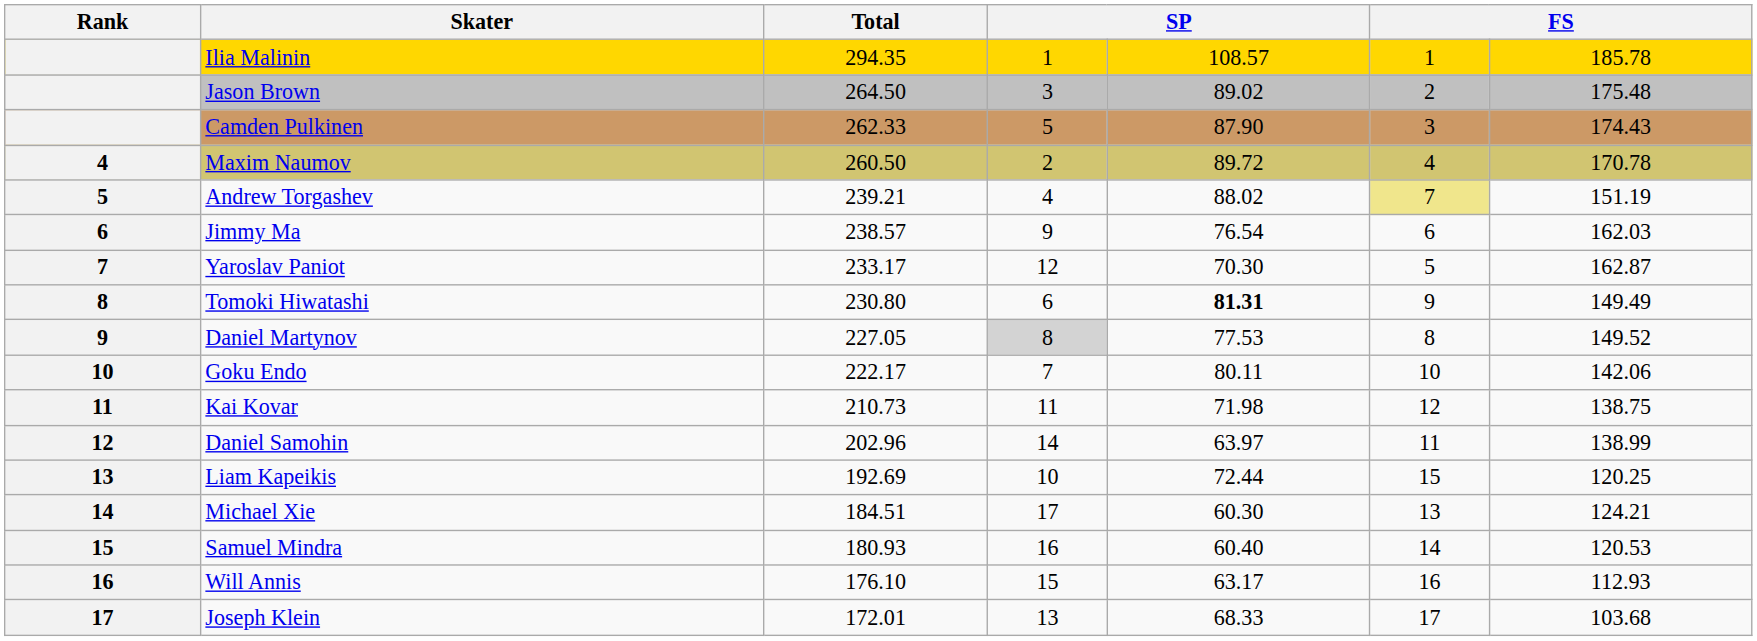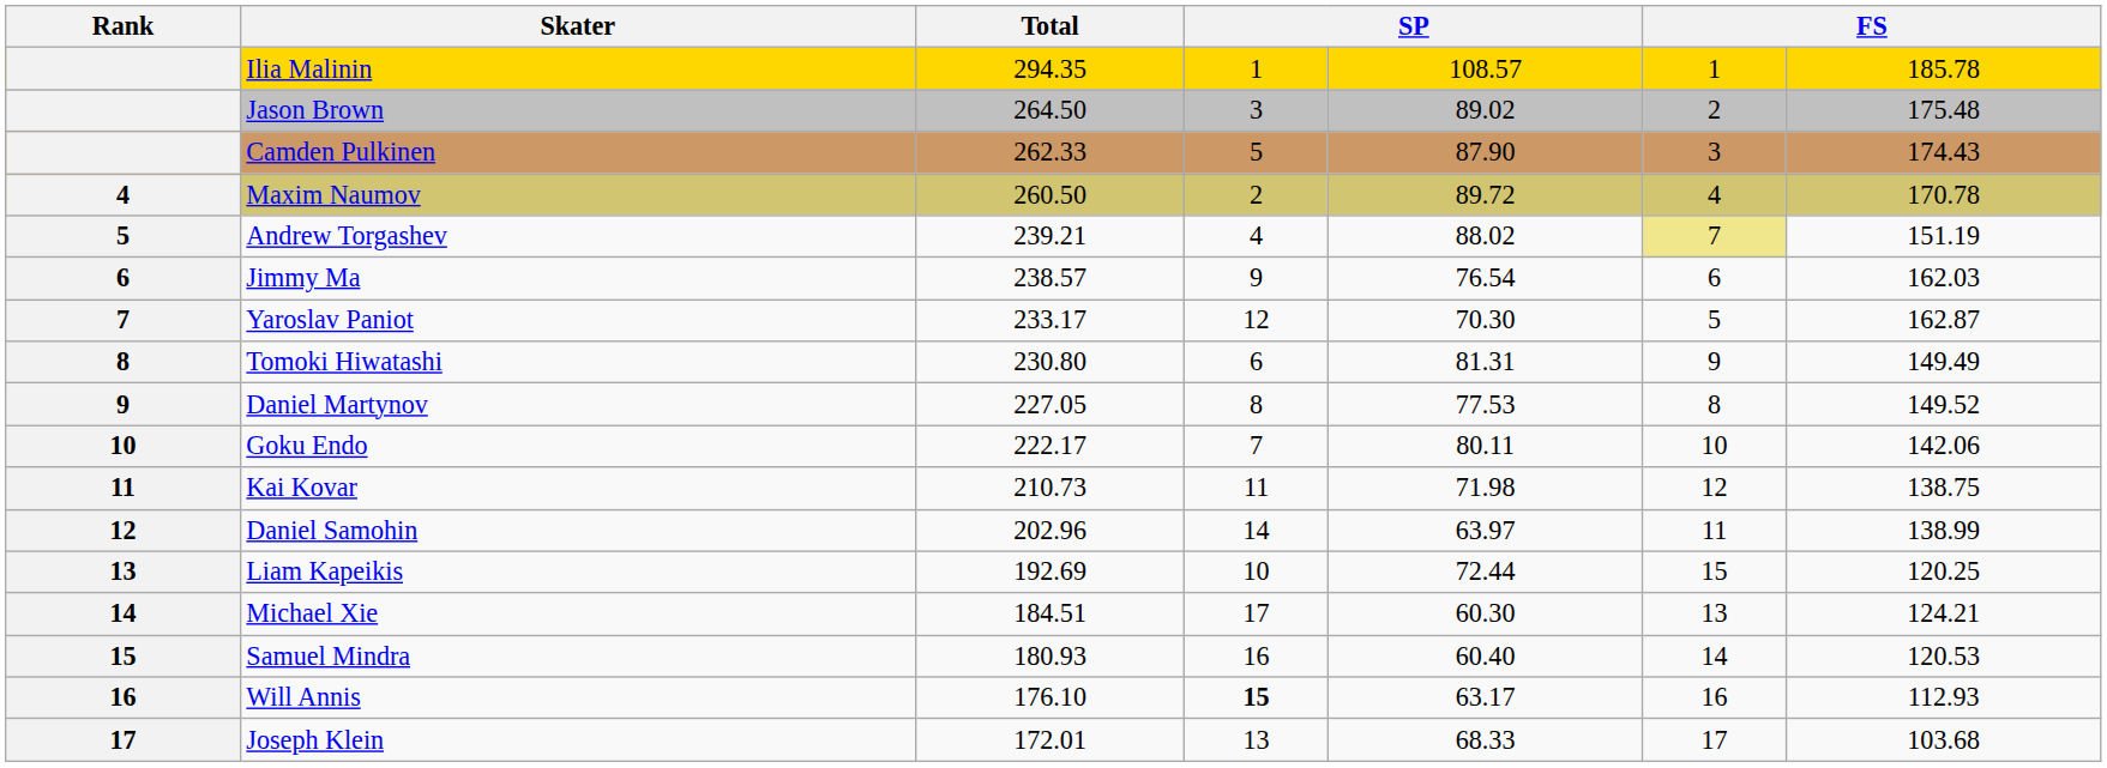 <table class="wikitable sortable" style="text-align:left; width:80%">
 <tr>
 <th scope="col">Rank</th>
 <th scope="col">Skater</th>
 <th scope="col">Total</th>
 <th scope="col" colspan="2" width="80px"><a href='#'>SP</a></th>
 <th scope="col" colspan="2" width="80px"><a href='#'>FS</a></th>
 </tr>
 <tr bgcolor="gold">
 <th scope="row"></th>
 <td><a href='#'>Ilia Malinin</a></td>
 <td align="center">294.35</td>
 <td align="center">1</td>
 <td align="center">108.57</td>
 <td align="center">1</td>
 <td align="center">185.78</td>
 </tr>
 <tr bgcolor="silver">
 <th scope="row"></th>
 <td><a href='#'> Jason Brown</a></td>
 <td align="center">264.50</td>
 <td align="center">3</td>
 <td align="center">89.02</td>
 <td align="center">2</td>
 <td align="center">175.48</td>
 </tr>
 <tr bgcolor="cc9966">
 <th scope="row"></th>
 <td><a href='#'>Camden Pulkinen</a></td>
 <td align="center">262.33</td>
 <td align="center">5</td>
 <td align="center">87.90</td>
 <td align="center">3</td>
 <td align="center">174.43</td>
 </tr>
 <tr bgcolor="#d1c571">
 <th scope="row">4</th>
 <td><a href='#'> Maxim Naumov</a></td>
 <td align="center">260.50</td>
 <td align="center">2</td>
 <td align="center">89.72</td>
 <td align="center">4</td>
 <td align="center">170.78</td>
 </tr>
 <tr>
 <th scope="row">5</th>
 <td><a href='#'>Andrew Torgashev</a></td>
 <td align="center">239.21</td>
 <td align="center">4</td>
 <td align="center">88.02</td>
 <td align="center" style="background: khaki;">7</td>
 <td align="center">151.19</td>
 </tr>
 <tr>
 <th scope="row">6</th>
 <td><a href='#'>Jimmy Ma</a></td>
 <td align="center">238.57</td>
 <td align="center">9</td>
 <td align="center">76.54</td>
 <td align="center">6</td>
 <td align="center">162.03</td>
 </tr>
 <tr>
 <th scope="row">7</th>
 <td><a href='#'>Yaroslav Paniot</a></td>
 <td align="center">233.17</td>
 <td align="center">12</td>
 <td align="center">70.30</td>
 <td align="center">5</td>
 <td align="center">162.87</td>
 </tr>
 <tr>
 <th scope="row">8</th>
 <td><a href='#'>Tomoki Hiwatashi</a></td>
 <td align="center">230.80</td>
 <td align="center">6</td>
-<td align="center"><strong>81.31</strong></td>
+<td align="center">81.31</td>
 <td align="center">9</td>
 <td align="center">149.49</td>
 </tr>
 <tr>
 <th scope="row">9</th>
 <td><a href='#'>Daniel Martynov</a></td>
 <td align="center">227.05</td>
-<td align="center" style="background: lightgrey;">8</td>
+<td align="center">8</td>
 <td align="center">77.53</td>
 <td align="center">8</td>
 <td align="center">149.52</td>
 </tr>
 <tr>
 <th scope="row">10</th>
 <td><a href='#'>Goku Endo</a></td>
 <td align="center">222.17</td>
 <td align="center">7</td>
 <td align="center">80.11</td>
 <td align="center">10</td>
 <td align="center">142.06</td>
 </tr>
 <tr>
 <th scope="row">11</th>
 <td><a href='#'>Kai Kovar</a></td>
 <td align="center">210.73</td>
 <td align="center">11</td>
 <td align="center">71.98</td>
 <td align="center">12</td>
 <td align="center">138.75</td>
 </tr>
 <tr>
 <th scope="row">12</th>
 <td><a href='#'>Daniel Samohin</a></td>
 <td align="center">202.96</td>
 <td align="center">14</td>
 <td align="center">63.97</td>
 <td align="center">11</td>
 <td align="center">138.99</td>
 </tr>
 <tr>
 <th scope="row">13</th>
 <td><a href='#'>Liam Kapeikis</a></td>
 <td align="center">192.69</td>
 <td align="center">10</td>
 <td align="center">72.44</td>
 <td align="center">15</td>
 <td align="center">120.25</td>
 </tr>
 <tr>
 <th scope="row">14</th>
 <td><a href='#'>Michael Xie</a></td>
 <td align="center">184.51</td>
 <td align="center">17</td>
 <td align="center">60.30</td>
 <td align="center">13</td>
 <td align="center">124.21</td>
 </tr>
 <tr>
 <th scope="row">15</th>
 <td><a href='#'>Samuel Mindra</a></td>
 <td align="center">180.93</td>
 <td align="center">16</td>
 <td align="center">60.40</td>
 <td align="center">14</td>
 <td align="center">120.53</td>
 </tr>
 <tr>
 <th scope="row">16</th>
 <td><a href='#'>Will Annis</a></td>
 <td align="center">176.10</td>
-<td align="center">15</td>
+<td align="center"><strong>15</strong></td>
 <td align="center">63.17</td>
 <td align="center">16</td>
 <td align="center">112.93</td>
 </tr>
 <tr>
 <th scope="row">17</th>
 <td><a href='#'> Joseph Klein</a></td>
 <td align="center">172.01</td>
 <td align="center">13</td>
 <td align="center">68.33</td>
 <td align="center">17</td>
 <td align="center">103.68</td>
 </tr>
 </table>
